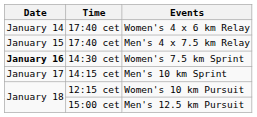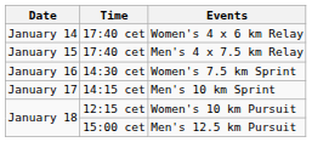 <table class="wikitable" border="1">
 <tr>
 <th>Date</th>
 <th>Time</th>
 <th>Events</th>
 </tr>
 <tr>
 <td>January 14</td>
 <td>17:40 cet</td>
 <td>Women's 4 x 6 km Relay</td>
 </tr>
 <tr>
 <td>January 15</td>
 <td>17:40 cet</td>
 <td>Men's 4 x 7.5 km Relay</td>
 </tr>
 <tr>
-<td><strong>January 16</strong></td>
+<td>January 16</td>
 <td>14:30 cet</td>
 <td>Women's 7.5 km Sprint</td>
 </tr>
 <tr>
 <td>January 17</td>
 <td>14:15 cet</td>
 <td>Men's 10 km Sprint</td>
 </tr>
 <tr>
 <td rowspan=2>January 18</td>
 <td>12:15 cet</td>
 <td>Women's 10 km Pursuit</td>
 </tr>
 <tr>
 <td>15:00 cet</td>
 <td>Men's 12.5 km Pursuit</td>
 </tr>
 </table>
